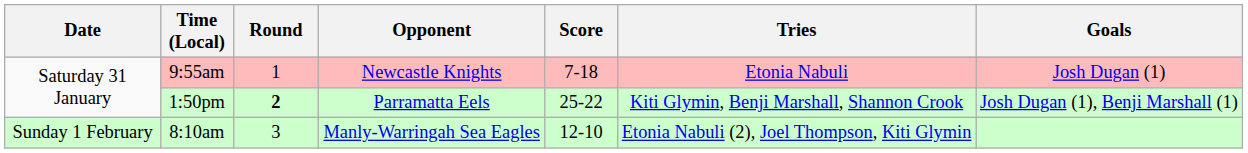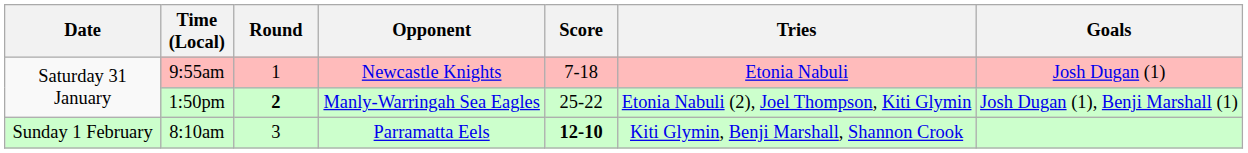 <table class="wikitable" style="font-size:90%; text-align:center">
 <tr>
 <th width="115">Date</th>
 <th width="50">Time (Local)</th>
 <th width="60">Round</th>
 <th width="170">Opponent</th>
 <th width="50">Score</th>
 <th>Tries</th>
 <th>Goals</th>
 </tr>
 <tr>
 <td rowspan="2">Saturday 31 January</td>
 <td bgcolor=#FFBBBB>9:55am</td>
 <td bgcolor=#FFBBBB>1</td>
 <td bgcolor=#FFBBBB><a href='#'>Newcastle Knights</a></td>
 <td bgcolor=#FFBBBB>7-18</td>
 <td bgcolor=#FFBBBB><a href='#'>Etonia Nabuli</a></td>
 <td bgcolor=#FFBBBB><a href='#'>Josh Dugan</a> (1)</td>
 </tr>
 <tr bgcolor=#CCFFCC>
 <td>1:50pm</td>
 <td><strong>2</strong></td>
-<td><a href='#'>Parramatta Eels</a></td>
+<td><a href='#'>Manly-Warringah Sea Eagles</a></td>
 <td>25-22</td>
-<td><a href='#'>Kiti Glymin</a>, <a href='#'>Benji Marshall</a>, <a href='#'>Shannon Crook</a></td>
+<td><a href='#'>Etonia Nabuli</a> (2), <a href='#'>Joel Thompson</a>, <a href='#'>Kiti Glymin</a></td>
 <td><a href='#'>Josh Dugan</a> (1), <a href='#'>Benji Marshall</a> (1)</td>
 </tr>
 <tr bgcolor=#CCFFCC>
 <td>Sunday 1 February</td>
 <td>8:10am</td>
 <td>3</td>
-<td><a href='#'>Manly-Warringah Sea Eagles</a></td>
-<td>12-10</td>
-<td><a href='#'>Etonia Nabuli</a> (2), <a href='#'>Joel Thompson</a>, <a href='#'>Kiti Glymin</a></td>
+<td><a href='#'>Parramatta Eels</a></td>
+<td><strong>12-10</strong></td>
+<td><a href='#'>Kiti Glymin</a>, <a href='#'>Benji Marshall</a>, <a href='#'>Shannon Crook</a></td>
 <td></td>
 </tr>
 </table>
